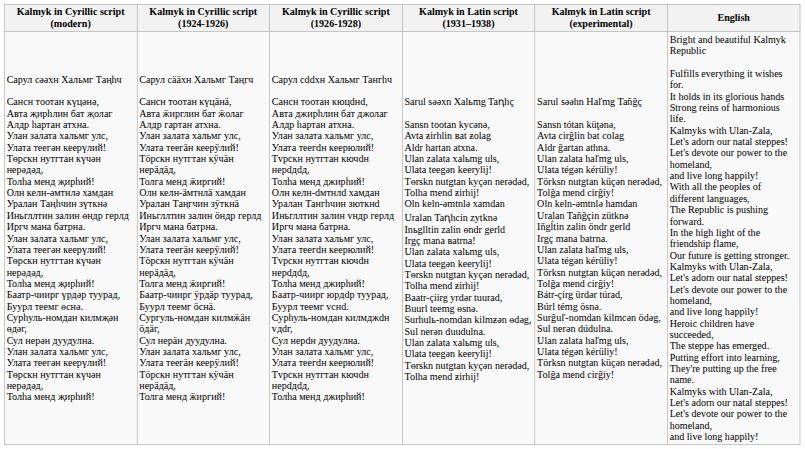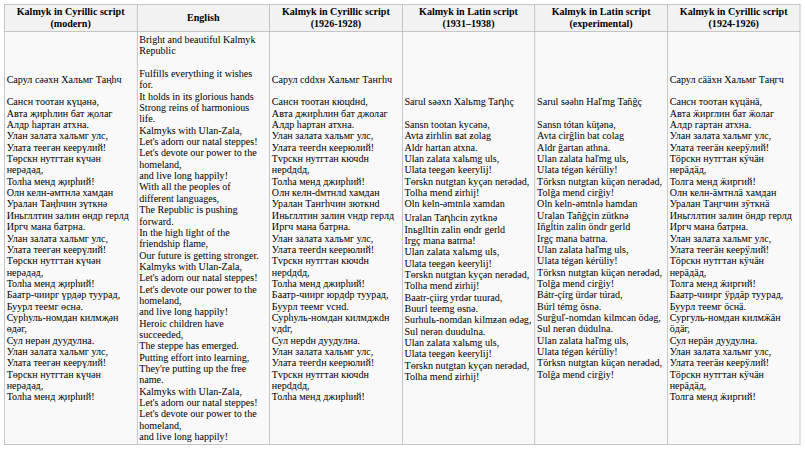 <table class="wikitable" style="table-layout:fixed;width:100%">
 <tr>
 <th>Kalmyk in Cyrillic script (modern)</th>
-<th>Kalmyk in Cyrillic script (1924-1926)</th>
+<th>English</th>
 <th>Kalmyk in Cyrillic script (1926-1928)</th>
 <th>Kalmyk in Latin script (1931–1938)</th>
 <th>Kalmyk in Latin script (experimental)</th>
-<th>English</th>
+<th>Kalmyk in Cyrillic script (1924-1926)</th>
 </tr>
 <tr>
 <td>Сарул сәәхн Хальмг Таңһч<br><br>Сансн тоотан күцәнә,<br> Авта җирһлин бат җолаг<br> Алдр һартан атхна.<br>Улан залата хальмг улс,<br> Улата теегән кеерүлий!<br> Төрскн нутгтан күчән нерәдәд,<br> Толһа менд җирһий!<br>Олн келн-әмтнлә хамдан<br> Уралан Таңһчин зүткнә<br> Иньгллтин залин өндр герлд<br> Иргч мана батрна.<br>Улан залата хальмг улс,<br> Улата теегән кеерүлий!<br> Төрскн нутгтан күчән нерәдәд,<br> Толһа менд җирһий!<br>Баатр-чиирг үрдәр туурад,<br> Буурл теемг өснә.<br> Сурһуль-номдан килмҗән өдәг,<br> Сул нерән дуудулна.<br>Улан залата хальмг улс,<br> Улата теегән кеерүлий!<br> Төрскн нутгтан күчән нерәдәд,<br> Толһа менд җирһий!<br></td>
-<td>Сарул сääхн Хальмг Таңгч<br><br>Сансн тоотан күцäнä,<br> Авта ӝирглин бат ӝолаг<br> Алдр гартан атхна.<br>Улан залата хальмг улс,<br> Улата теегäн кеерӱлий!<br> Тöрскн нутгтан кӱчäн нерäдäд,<br> Толга менд ӝиргий!<br>Олн келн-äмтнлä хамдан<br> Уралан Таңгчин зӱткнä<br> Иньгллтин залин öндр герлд<br> Иргч мана батрна.<br>Улан залата хальмг улс,<br> Улата теегäн кеерӱлий!<br> Тöрскн нутгтан кӱчäн нерäдäд,<br> Толга менд ӝиргий!<br>Баатр-чиирг ӱрдäр туурад,<br> Буурл теемг öснä.<br> Сургуль-номдан килмӝäн öдäг,<br> Сул нерäн дуудулна.<br>Улан залата хальмг улс,<br> Улата теегäн кеерӱлий!<br> Тöрскн нутгтан кӱчäн нерäдäд,<br> Толга менд ӝиргий!<br></td>
+<td>Bright and beautiful Kalmyk Republic<br><br>Fulfills everything it wishes for.<br> It holds in its glorious hands<br> Strong reins of harmonious life.<br>Kalmyks with Ulan-Zala,<br> Let's adorn our natal steppes!<br> Let's devote our power to the homeland,<br> and live long happily!<br>With all the peoples of different languages,<br> The Republic is pushing forward.<br> In the high light of the friendship flame,<br> Our future is getting stronger.<br>Kalmyks with Ulan-Zala,<br> Let's adorn our natal steppes!<br> Let's devote our power to the homeland,<br> and live long happily!<br>Heroic children have succeeded,<br> The steppe has emerged.<br> Putting effort into learning,<br> They're putting up the free name.<br>Kalmyks with Ulan-Zala,<br> Let's adorn our natal steppes!<br> Let's devote our power to the homeland,<br> and live long happily!<br></td>
 <td>Сарул сddхн Хальмг Тангһч<br><br>Сансн тоотан кюцdнd,<br> Авта джирһлин бат джолаг<br> Алдр һартан атхна.<br>Улан залата хальмг улс,<br> Улата теегdн кеерюлий!<br> Тvрскн нутгтан кючdн нерdдdд,<br> Толһа менд джирһий!<br>Олн келн-dмтнлd хамдан<br> Уралан Тангһчин зюткнd<br> Иньгллтин залин vндр герлд<br> Иргч мана батрна.<br>Улан залата хальмг улс,<br> Улата теегdн кеерюлий!<br> Тvрскн нутгтан кючdн нерdдdд,<br> Толһа менд джирһий!<br>Баатр-чиирг юрдdр туурад,<br> Буурл теемг vснd.<br> Сурһуль-номдан килмджdн vдdг,<br> Сул нерdн дуудулна.<br>Улан залата хальмг улс,<br> Улата теегdн кеерюлий!<br> Тvрскн нутгтан кючdн нерdдdд,<br> Толһа менд джирһий!<br></td>
 <td>Sarul səəxn Xalьmg Taꞑhç<br><br>Sansn tootan kycənə,<br> Avta ƶirhlin ʙat ƶolag<br> Aldr hartan atxna.<br>Ulan zalata xalьmg uls,<br> Ulata teegən keerylij!<br> Tɵrskn nutgtan kyçən nerədəd,<br> Tolha mend ƶirhij!<br>Oln keln-əmtnlə xamdan<br> Uralan Taꞑhcin zytknə<br> Inьglltin zalin ɵndr gerld<br> Irgç mana ʙatrna!<br>Ulan zalata xalьmg uls,<br> Ulata teegən keerylij!<br> Tɵrskn nutgtan kyçən nerədəd,<br> Tolha mend ƶirhij!<br>Baatr-çiirg yrdər tuurad,<br> Buurl teemg ɵsnə.<br> Surhulь-nomdan kilmƶən ɵdəg,<br> Sul nerən duudulna.<br>Ulan zalata xalьmg uls,<br> Ulata teegən keerylij!<br> Tɵrskn nutgtan kyçən nerədəd,<br> Tolha mend ƶirhij!<br></td>
 <td>Sarul səəhn Haľmg Tañğç<br><br>Sansn tótan küţənə,<br> Avta cirğlin bat colag<br> Aldr ğartan athna.<br>Ulan zalata haľmg uls,<br> Ulata tégən kérüliy!<br> Törksn nutgtan küçən nerədəd,<br> Tolğa mend cirğiy!<br>Oln keln-əmtnlə hamdan<br> Uralan Tañğçin zütknə<br> Iňgĺtin zalin öndr gerld<br> Irgç mana batrna.<br>Ulan zalata haľmg uls,<br> Ulata tégən kérüliy!<br> Törksn nutgtan küçən nerədəd,<br> Tolğa mend cirğiy!<br>Bátr-çírg ürdər túrad,<br> Búrl témg ösnə.<br> Surğuľ-nomdan kilmcən ödəg,<br> Sul nerən dúdulna.<br>Ulan zalata haľmg uls,<br> Ulata tégən kérüliy!<br> Törksn nutgtan küçən nerədəd,<br> Tolğa mend cirğiy!<br></td>
-<td>Bright and beautiful Kalmyk Republic<br><br>Fulfills everything it wishes for.<br> It holds in its glorious hands<br> Strong reins of harmonious life.<br>Kalmyks with Ulan-Zala,<br> Let's adorn our natal steppes!<br> Let's devote our power to the homeland,<br> and live long happily!<br>With all the peoples of different languages,<br> The Republic is pushing forward.<br> In the high light of the friendship flame,<br> Our future is getting stronger.<br>Kalmyks with Ulan-Zala,<br> Let's adorn our natal steppes!<br> Let's devote our power to the homeland,<br> and live long happily!<br>Heroic children have succeeded,<br> The steppe has emerged.<br> Putting effort into learning,<br> They're putting up the free name.<br>Kalmyks with Ulan-Zala,<br> Let's adorn our natal steppes!<br> Let's devote our power to the homeland,<br> and live long happily!<br></td>
+<td>Сарул сääхн Хальмг Таңгч<br><br>Сансн тоотан күцäнä,<br> Авта ӝирглин бат ӝолаг<br> Алдр гартан атхна.<br>Улан залата хальмг улс,<br> Улата теегäн кеерӱлий!<br> Тöрскн нутгтан кӱчäн нерäдäд,<br> Толга менд ӝиргий!<br>Олн келн-äмтнлä хамдан<br> Уралан Таңгчин зӱткнä<br> Иньгллтин залин öндр герлд<br> Иргч мана батрна.<br>Улан залата хальмг улс,<br> Улата теегäн кеерӱлий!<br> Тöрскн нутгтан кӱчäн нерäдäд,<br> Толга менд ӝиргий!<br>Баатр-чиирг ӱрдäр туурад,<br> Буурл теемг öснä.<br> Сургуль-номдан килмӝäн öдäг,<br> Сул нерäн дуудулна.<br>Улан залата хальмг улс,<br> Улата теегäн кеерӱлий!<br> Тöрскн нутгтан кӱчäн нерäдäд,<br> Толга менд ӝиргий!<br></td>
 </tr>
 </table>
